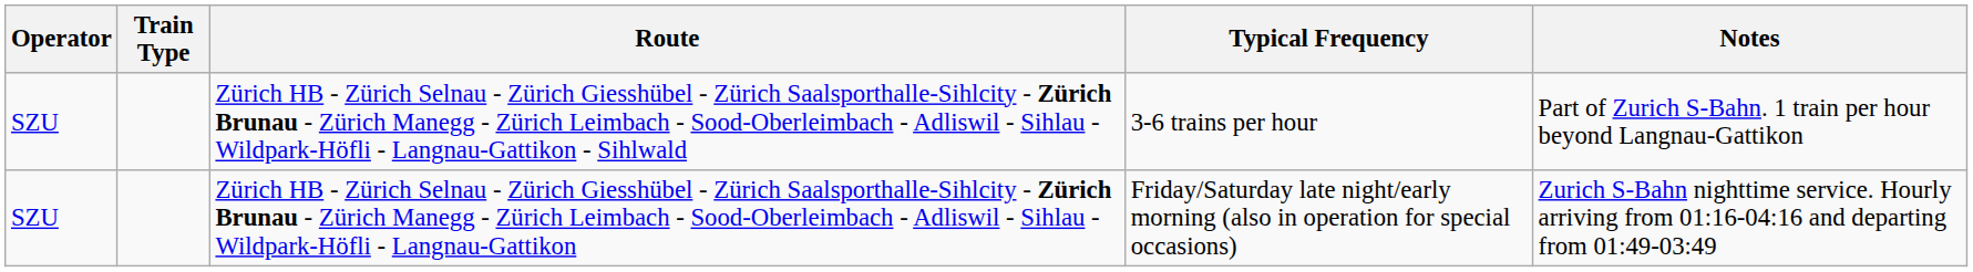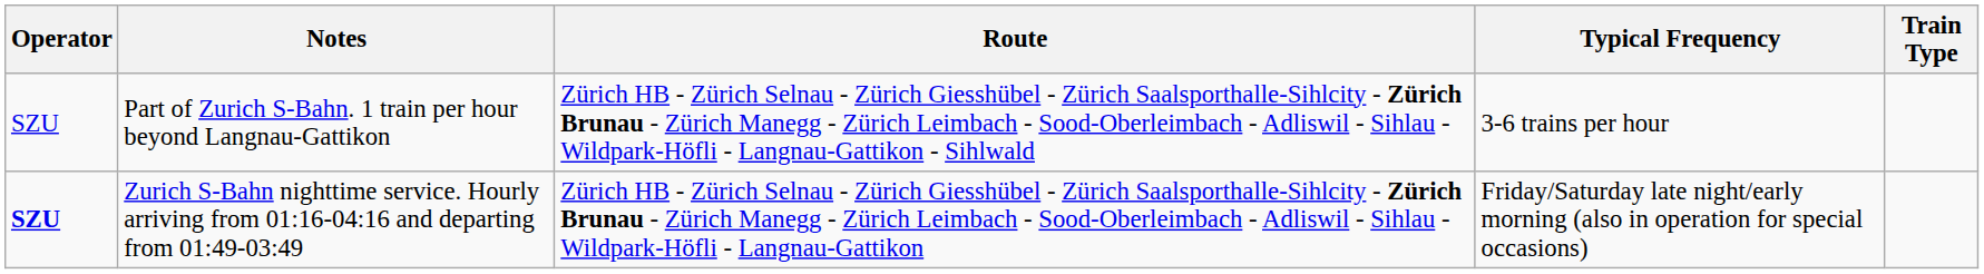 <table class="wikitable vatop">
 <tr>
 <th>Operator</th>
-<th>Train Type</th>
+<th>Notes</th>
 <th>Route</th>
 <th>Typical Frequency</th>
-<th>Notes</th>
+<th>Train Type</th>
 </tr>
 <tr>
 <td><a href='#'>SZU</a></td>
-<td></td>
+<td>Part of <a href='#'>Zurich S-Bahn</a>. 1 train per hour beyond Langnau-Gattikon</td>
 <td><a href='#'>Zürich HB</a> - <a href='#'>Zürich Selnau</a> - <a href='#'>Zürich Giesshübel</a> - <a href='#'>Zürich Saalsporthalle-Sihlcity</a> - <strong>Zürich Brunau</strong> - <a href='#'>Zürich Manegg</a> - <a href='#'>Zürich Leimbach</a> - <a href='#'>Sood-Oberleimbach</a> - <a href='#'>Adliswil</a> - <a href='#'>Sihlau</a> - <a href='#'>Wildpark-Höfli</a> - <a href='#'>Langnau-Gattikon</a> - <a href='#'>Sihlwald</a></td>
 <td>3-6 trains per hour</td>
-<td>Part of <a href='#'>Zurich S-Bahn</a>. 1 train per hour beyond Langnau-Gattikon</td>
+<td></td>
 </tr>
 <tr>
-<td><a href='#'>SZU</a></td>
-<td></td>
+<td><strong><a href='#'>SZU</a></strong></td>
+<td><a href='#'>Zurich S-Bahn</a> nighttime service. Hourly arriving from 01:16-04:16 and departing from 01:49-03:49</td>
 <td><a href='#'>Zürich HB</a> - <a href='#'>Zürich Selnau</a> - <a href='#'>Zürich Giesshübel</a> - <a href='#'>Zürich Saalsporthalle-Sihlcity</a> - <strong>Zürich Brunau</strong> - <a href='#'>Zürich Manegg</a> - <a href='#'>Zürich Leimbach</a> - <a href='#'>Sood-Oberleimbach</a> - <a href='#'>Adliswil</a> - <a href='#'>Sihlau</a> - <a href='#'>Wildpark-Höfli</a> - <a href='#'>Langnau-Gattikon</a></td>
 <td>Friday/Saturday late night/early morning (also in operation for special occasions)</td>
-<td><a href='#'>Zurich S-Bahn</a> nighttime service. Hourly arriving from 01:16-04:16 and departing from 01:49-03:49</td>
+<td></td>
 </tr>
 </table>
